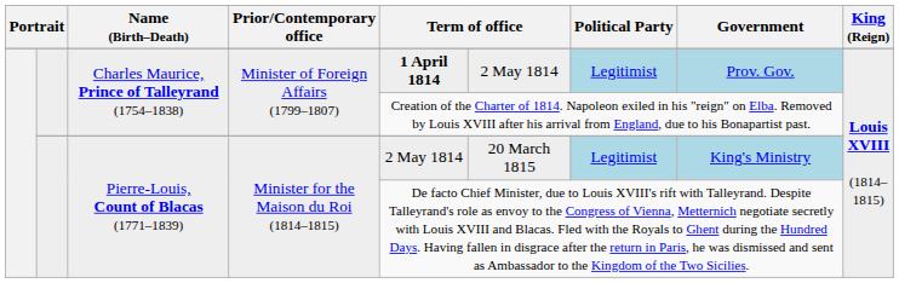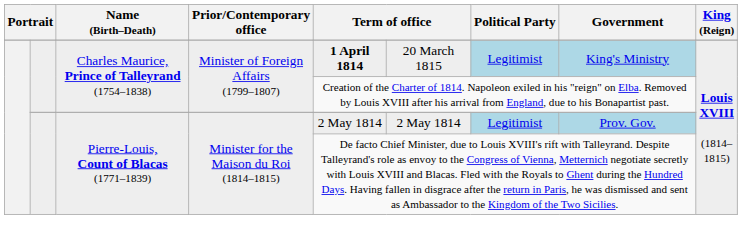 <table class="wikitable" style="text-align:center; width:100%; border:1px #AAAAFF solid">
 <tr>
 <th width=80px colspan=2>Portrait</th>
 <th width=25%>Name<br><small>(Birth–Death)</small></th>
 <th>Prior/Contemporary office</th>
 <th width=30% colspan=2>Term of office</th>
 <th width=15%>Political Party</th>
 <th width=25%>Government</th>
 <th><a href='#'>King</a><br><small>(Reign)</small></th>
 </tr>
 <tr>
 </tr>
 <tr bgcolor=#EEEEEE>
 <th rowspan=6 style="background:"></th>
 <td rowspan=2></td>
 <td rowspan=2><a href='#'>Charles Maurice,<br><strong>Prince of Talleyrand</strong></a><br><small>(1754–1838)</small></td>
 <td rowspan=2><a href='#'>Minister of Foreign Affairs</a><br><small>(1799–1807)</small></td>
 <td><strong>1 April 1814</strong></td>
-<td>2 May 1814</td>
+<td>20 March 1815</td>
 <td bgcolor=#ADD8E6><a href='#'>Legitimist</a></td>
-<td bgcolor=#ADD8E6><a href='#'>Prov. Gov.</a></td>
+<td bgcolor=#ADD8E6><a href='#'>King's Ministry</a></td>
 <td bgcolor=#EEEEEE rowspan=6 align=center><strong><a href='#'>Louis XVIII</a></strong><br><br><small>(1814–1815)</small></td>
 </tr>
 <tr>
 <td colspan=4><small>Creation of the <a href='#'>Charter of 1814</a>. Napoleon exiled in his "reign" on <a href='#'>Elba</a>. Removed by Louis XVIII after his arrival from <a href='#'>England</a>, due to his Bonapartist past.</small></td>
 </tr>
 <tr>
 </tr>
 <tr bgcolor=#EEEEEE>
 <td rowspan=2></td>
 <td rowspan=2><a href='#'>Pierre-Louis,<br><strong>Count of Blacas</strong></a><br><small>(1771–1839)</small></td>
 <td rowspan=2><a href='#'>Minister for the Maison du Roi</a><br><small>(1814–1815)</small></td>
 <td>2 May 1814</td>
-<td>20 March 1815</td>
+<td>2 May 1814</td>
 <td bgcolor=#ADD8E6><a href='#'>Legitimist</a></td>
-<td bgcolor=#ADD8E6><a href='#'>King's Ministry</a></td>
+<td bgcolor=#ADD8E6><a href='#'>Prov. Gov.</a></td>
 </tr>
 <tr>
 <td colspan=4><small>De facto Chief Minister, due to Louis XVIII's rift with Talleyrand. Despite Talleyrand's role as envoy to the <a href='#'>Congress of Vienna</a>, <a href='#'>Metternich</a> negotiate secretly with Louis XVIII and Blacas. Fled with the Royals to <a href='#'>Ghent</a> during the <a href='#'>Hundred Days</a>. Having fallen in disgrace after the <a href='#'>return in Paris</a>, he was dismissed and sent as Ambassador to the <a href='#'>Kingdom of the Two Sicilies</a>.</small></td>
 </tr>
 </table>
